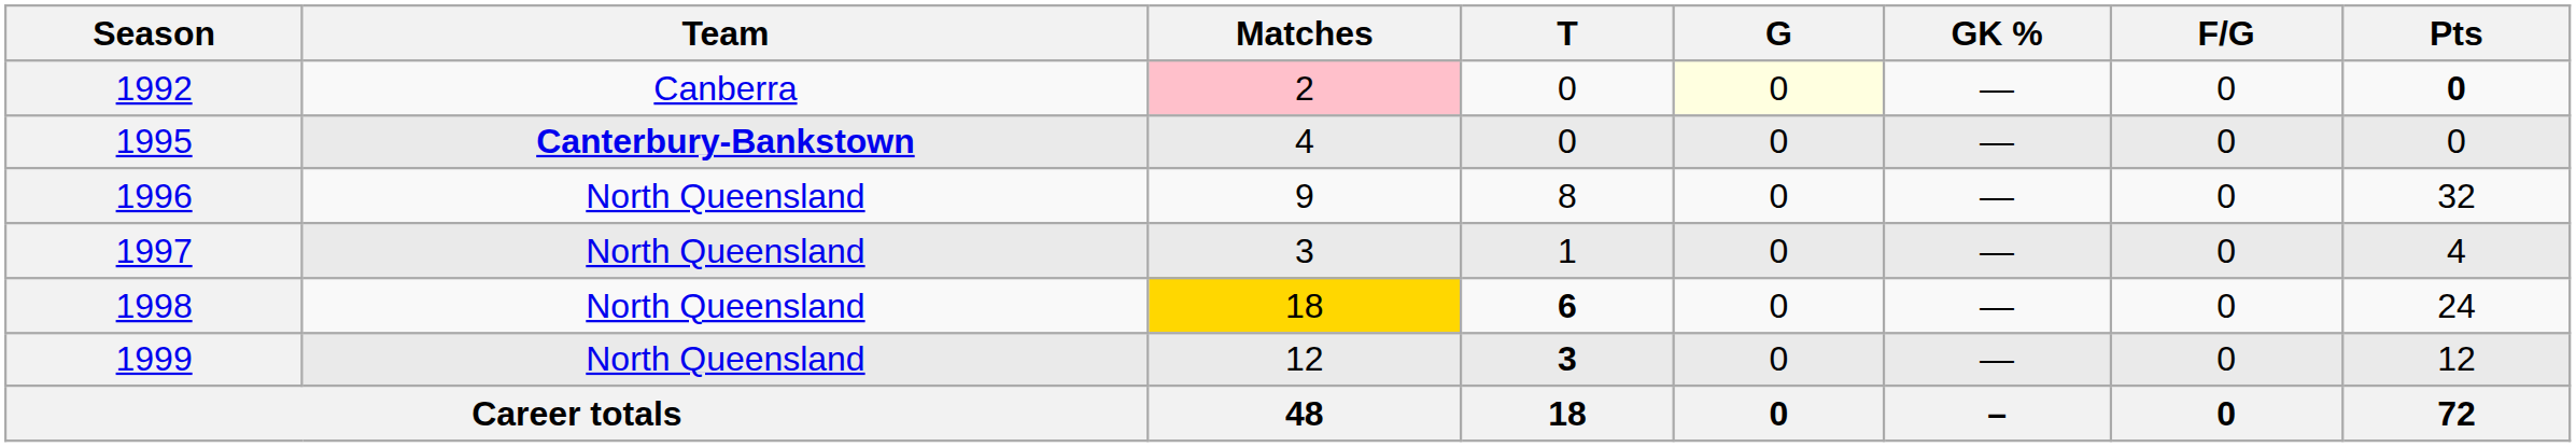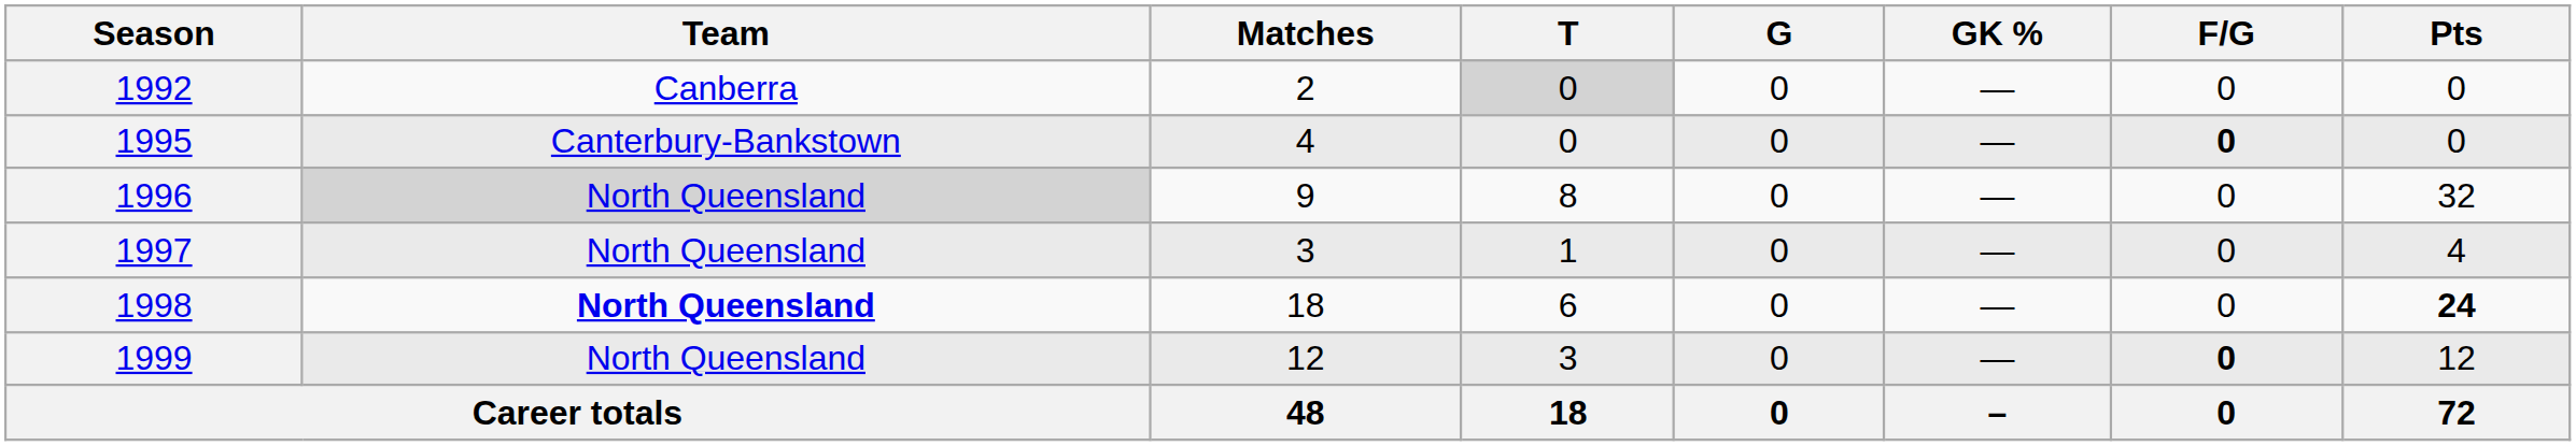 <table class="wikitable sortable"  style="font-size:90%; text-align:center; width:85%;">
 <tr>
 <th width=2%>Season</th>
 <th width=8%>Team</th>
 <th width=2%>Matches</th>
 <th width=2%>T</th>
 <th width=2%>G</th>
 <th width=2%>GK %</th>
 <th width=2%>F/G</th>
 <th width=2%>Pts</th>
 </tr>
 <tr>
 <th scope="row" style="text-align:center; font-weight:normal"><a href='#'>1992</a></th>
 <td style="text-align:center;"> <a href='#'>Canberra</a></td>
-<td style="background: pink;">2</td>
-<td>0</td>
-<td style="background: lightyellow;">0</td>
-<td>—</td>
-<td>0</td>
-<td><strong>0</strong></td>
-</tr>
-<tr style="background-color: #EAEAEA">
-<th scope="row" style="text-align:center; font-weight:normal"><a href='#'>1995</a></th>
-<td style="text-align:center;"><strong> <a href='#'>Canterbury-Bankstown</a></strong></td>
-<td>4</td>
-<td>0</td>
+<td>2</td>
+<td style="background: lightgrey;">0</td>
 <td>0</td>
 <td>—</td>
 <td>0</td>
 <td>0</td>
 </tr>
+<tr style="background-color: #EAEAEA">
+<th scope="row" style="text-align:center; font-weight:normal"><a href='#'>1995</a></th>
+<td style="text-align:center;"> <a href='#'>Canterbury-Bankstown</a></td>
+<td>4</td>
+<td>0</td>
+<td>0</td>
+<td>—</td>
+<td><strong>0</strong></td>
+<td>0</td>
+</tr>
 <tr>
 <th scope="row" style="text-align:center; font-weight:normal"><a href='#'>1996</a></th>
-<td style="text-align:center;"> <a href='#'>North Queensland</a></td>
+<td style="background: lightgrey; text-align:center;"> <a href='#'>North Queensland</a></td>
 <td>9</td>
 <td>8</td>
 <td>0</td>
 <td>—</td>
 <td>0</td>
 <td>32</td>
 </tr>
 <tr style="background-color: #EAEAEA">
 <th scope="row" style="text-align:center; font-weight:normal"><a href='#'>1997</a></th>
 <td style="text-align:center;"> <a href='#'>North Queensland</a></td>
 <td>3</td>
 <td>1</td>
 <td>0</td>
 <td>—</td>
 <td>0</td>
 <td>4</td>
 </tr>
 <tr>
 <th scope="row" style="text-align:center; font-weight:normal"><a href='#'>1998</a></th>
-<td style="text-align:center;"> <a href='#'>North Queensland</a></td>
-<td style="background: gold;">18</td>
-<td><strong>6</strong></td>
+<td style="text-align:center;"><strong> <a href='#'>North Queensland</a></strong></td>
+<td>18</td>
+<td>6</td>
 <td>0</td>
 <td>—</td>
 <td>0</td>
-<td>24</td>
+<td><strong>24</strong></td>
 </tr>
 <tr style="background-color: #EAEAEA">
 <th scope="row" style="text-align:center; font-weight:normal"><a href='#'>1999</a></th>
 <td style="text-align:center;"> <a href='#'>North Queensland</a></td>
 <td>12</td>
-<td><strong>3</strong></td>
+<td>3</td>
 <td>0</td>
 <td>—</td>
-<td>0</td>
+<td><strong>0</strong></td>
 <td>12</td>
 </tr>
 <tr class="sortbottom">
 <th colspan=2>Career totals</th>
 <th>48</th>
 <th>18</th>
 <th>0</th>
 <th>–</th>
 <th>0</th>
 <th>72</th>
 </tr>
 </table>
